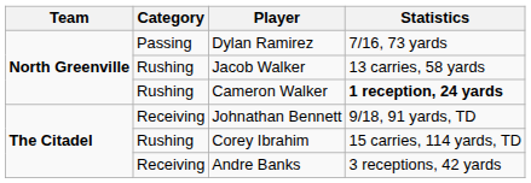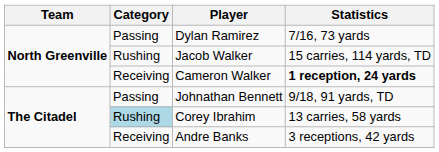 <table class="wikitable" style="float: right;">
 <tr>
 <th>Team</th>
 <th>Category</th>
 <th>Player</th>
 <th>Statistics</th>
 </tr>
 <tr>
 <td rowspan=3><strong>North Greenville</strong></td>
 <td>Passing</td>
 <td>Dylan Ramirez</td>
 <td>7/16, 73 yards</td>
 </tr>
 <tr>
 <td>Rushing</td>
 <td>Jacob Walker</td>
-<td>13 carries, 58 yards</td>
+<td>15 carries, 114 yards, TD</td>
 </tr>
 <tr>
-<td>Rushing</td>
+<td>Receiving</td>
 <td>Cameron Walker</td>
 <td><strong>1 reception, 24 yards</strong></td>
 </tr>
 <tr>
 <td rowspan=3><strong>The Citadel</strong></td>
-<td>Receiving</td>
+<td>Passing</td>
 <td>Johnathan Bennett</td>
 <td>9/18, 91 yards, TD</td>
 </tr>
 <tr>
-<td>Rushing</td>
+<td style="background: lightblue;">Rushing</td>
 <td>Corey Ibrahim</td>
-<td>15 carries, 114 yards, TD</td>
+<td>13 carries, 58 yards</td>
 </tr>
 <tr>
 <td>Receiving</td>
 <td>Andre Banks</td>
 <td>3 receptions, 42 yards</td>
 </tr>
 </table>
